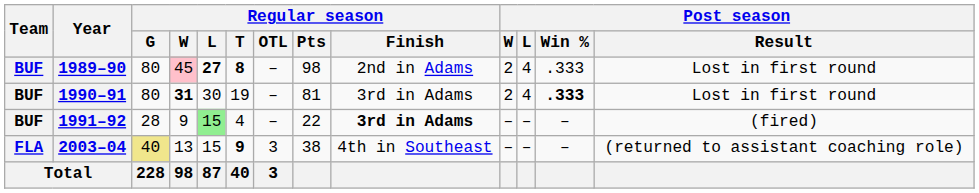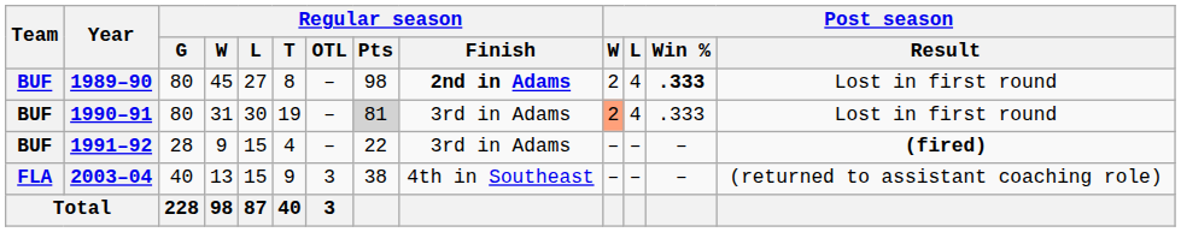 <table class="wikitable" style="font-size: 95%; text-align:center; width:60em;">
 <tr>
 <th rowspan="2">Team</th>
 <th rowspan="2">Year</th>
 <th colspan="7"><a href='#'>Regular season</a></th>
 <th colspan="4"><a href='#'>Post season</a></th>
 </tr>
 <tr>
 <th>G</th>
 <th>W</th>
 <th>L</th>
 <th>T</th>
 <th>OTL</th>
 <th>Pts</th>
 <th>Finish</th>
 <th>W</th>
 <th>L</th>
 <th>Win %</th>
 <th>Result</th>
 </tr>
 <tr>
 <th><a href='#'>BUF</a></th>
 <th><a href='#'>1989–90</a></th>
 <td>80</td>
-<td style="background: pink;">45</td>
-<td><strong>27</strong></td>
-<td><strong>8</strong></td>
+<td>45</td>
+<td>27</td>
+<td>8</td>
 <td>–</td>
 <td>98</td>
-<td>2nd in <a href='#'>Adams</a></td>
-<td>2</td>
-<td>4</td>
-<td>.333</td>
-<td>Lost in first round</td>
-</tr>
-<tr>
-<th>BUF</th>
-<th><a href='#'>1990–91</a></th>
-<td>80</td>
-<td><strong>31</strong></td>
-<td>30</td>
-<td>19</td>
-<td>–</td>
-<td>81</td>
-<td>3rd in Adams</td>
+<td><strong>2nd in <a href='#'>Adams</a></strong></td>
 <td>2</td>
 <td>4</td>
 <td><strong>.333</strong></td>
 <td>Lost in first round</td>
 </tr>
 <tr>
 <th>BUF</th>
+<th><a href='#'>1990–91</a></th>
+<td>80</td>
+<td>31</td>
+<td>30</td>
+<td>19</td>
+<td>–</td>
+<td style="background: lightgrey;">81</td>
+<td>3rd in Adams</td>
+<td style="background: lightsalmon;">2</td>
+<td>4</td>
+<td>.333</td>
+<td>Lost in first round</td>
+</tr>
+<tr>
+<th>BUF</th>
 <th><a href='#'>1991–92</a></th>
 <td>28</td>
 <td>9</td>
-<td style="background: lightgreen;">15</td>
+<td>15</td>
 <td>4</td>
 <td>–</td>
 <td>22</td>
-<td><strong>3rd in Adams</strong></td>
+<td>3rd in Adams</td>
 <td>–</td>
 <td>–</td>
 <td>–</td>
-<td>(fired)</td>
+<td><strong>(fired)</strong></td>
 </tr>
 <tr>
 <th><a href='#'>FLA</a></th>
 <th><a href='#'>2003–04</a></th>
-<td style="background: khaki;">40</td>
+<td>40</td>
 <td>13</td>
 <td>15</td>
-<td><strong>9</strong></td>
+<td>9</td>
 <td>3</td>
 <td>38</td>
 <td>4th in <a href='#'>Southeast</a></td>
 <td>–</td>
 <td>–</td>
 <td>–</td>
 <td>(returned to assistant coaching role)</td>
 </tr>
 <tr>
 <th colspan="2">Total</th>
 <th>228</th>
 <th>98</th>
 <th>87</th>
 <th>40</th>
 <th>3</th>
 <th></th>
 <th></th>
 <th></th>
 <th></th>
 <th></th>
 <th></th>
 </tr>
 </table>
